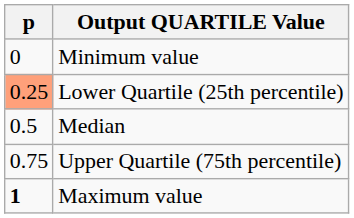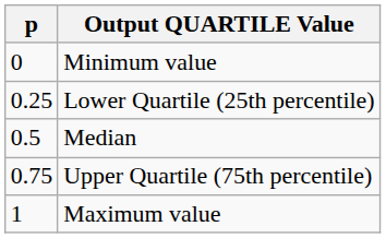 <table class="wikitable">
 <tr>
 <th>p</th>
 <th>Output QUARTILE Value</th>
 </tr>
 <tr>
 <td>0</td>
 <td>Minimum value</td>
 </tr>
 <tr>
-<td style="background: lightsalmon;">0.25</td>
+<td>0.25</td>
 <td>Lower Quartile (25th percentile)</td>
 </tr>
 <tr>
 <td>0.5</td>
 <td>Median</td>
 </tr>
 <tr>
 <td>0.75</td>
 <td>Upper Quartile (75th percentile)</td>
 </tr>
 <tr>
-<td><strong>1</strong></td>
+<td>1</td>
 <td>Maximum value</td>
 </tr>
 </table>
